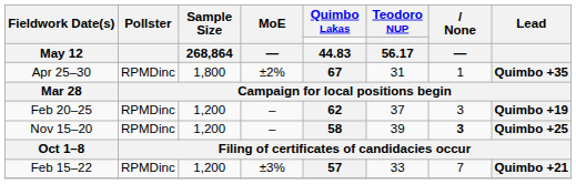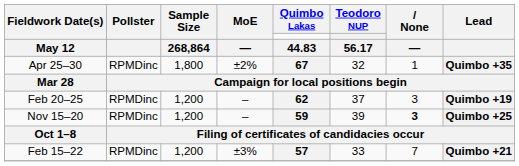 <table class="wikitable" style="text-align:center;font-size:85%;line-height:14px">
 <tr>
 <th rowspan="2">Fieldwork Date(s)</th>
 <th rowspan="2">Pollster</th>
 <th rowspan="2" style="width:60px;">Sample Size</th>
 <th rowspan="2" style="width:60px;">MoE</th>
 <th style="width:60px;"><a href='#'>Quimbo</a><br><a href='#'><small>Lakas</small></a></th>
 <th style="width:60px;"><a href='#'>Teodoro</a><br><a href='#'><small>NUP</small></a></th>
 <th rowspan="2" style="width:60px;">/<br>None</th>
 <th rowspan="2">Lead</th>
 </tr>
 <tr>
 <td style="background:"></td>
 <th style="background:"></th>
 </tr>
 <tr>
 <th>May 12</th>
 <th></th>
 <th>268,864</th>
 <th><strong>—</strong></th>
 <th>44.83</th>
 <th style="background-color:#"><strong>56.17</strong></th>
 <th><strong>—</strong></th>
 <th style="background-color:#"><strong></strong></th>
 </tr>
 <tr>
 <td>Apr 25–30</td>
 <td>RPMDinc</td>
 <td>1,800</td>
 <td>±2%</td>
 <th style="background-color:#">67</th>
-<td>31</td>
+<td>32</td>
 <td>1</td>
 <th style="background-color:#"><strong>Quimbo +35</strong></th>
 </tr>
 <tr>
 <th>Mar 28</th>
 <th colspan="7">Campaign for local positions begin</th>
 </tr>
 <tr>
 <td>Feb 20–25</td>
 <td>RPMDinc</td>
 <td>1,200</td>
 <td>–</td>
 <th style="background-color:#">62</th>
 <td>37</td>
 <td>3</td>
 <th style="background-color:#"><strong>Quimbo +19</strong></th>
 </tr>
 <tr>
 <td>Nov 15–20</td>
 <td>RPMDinc</td>
 <td>1,200</td>
 <td>–</td>
-<th style="background-color:#">58</th>
+<th style="background-color:#">59</th>
 <td>39</td>
 <td><strong>3</strong></td>
 <th style="background-color:#"><strong>Quimbo +25</strong></th>
 </tr>
 <tr>
 <th>Oct 1–8</th>
 <th colspan="7">Filing of certificates of candidacies occur</th>
 </tr>
 <tr>
 <td>Feb 15–22</td>
 <td>RPMDinc</td>
 <td>1,200</td>
 <td>±3%</td>
 <th style="background-color:#">57</th>
 <td>33</td>
 <td>7</td>
 <th style="background-color:#"><strong>Quimbo +21</strong></th>
 </tr>
 <tr>
 </tr>
 </table>
